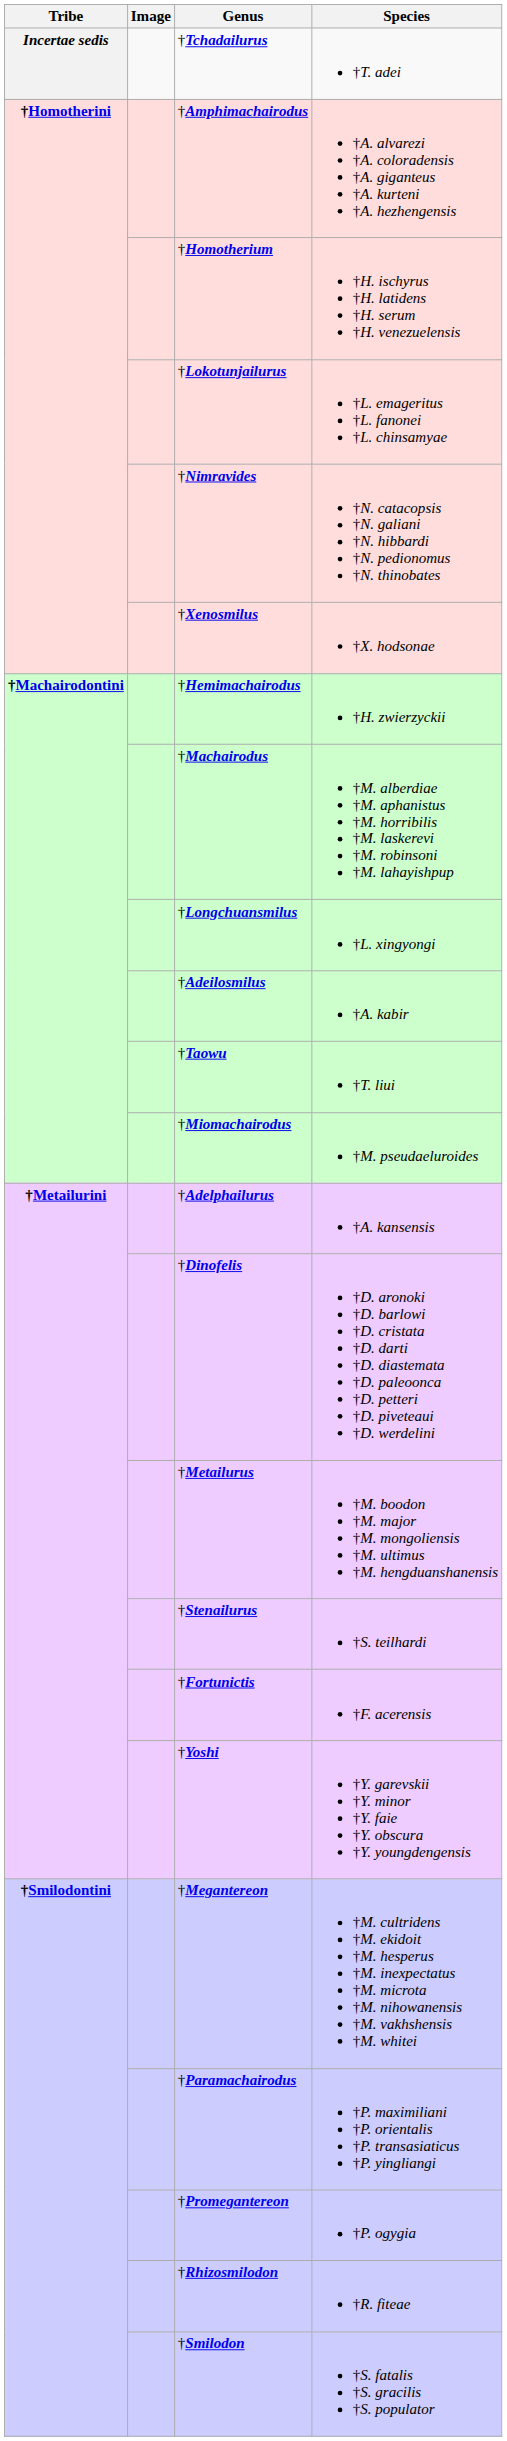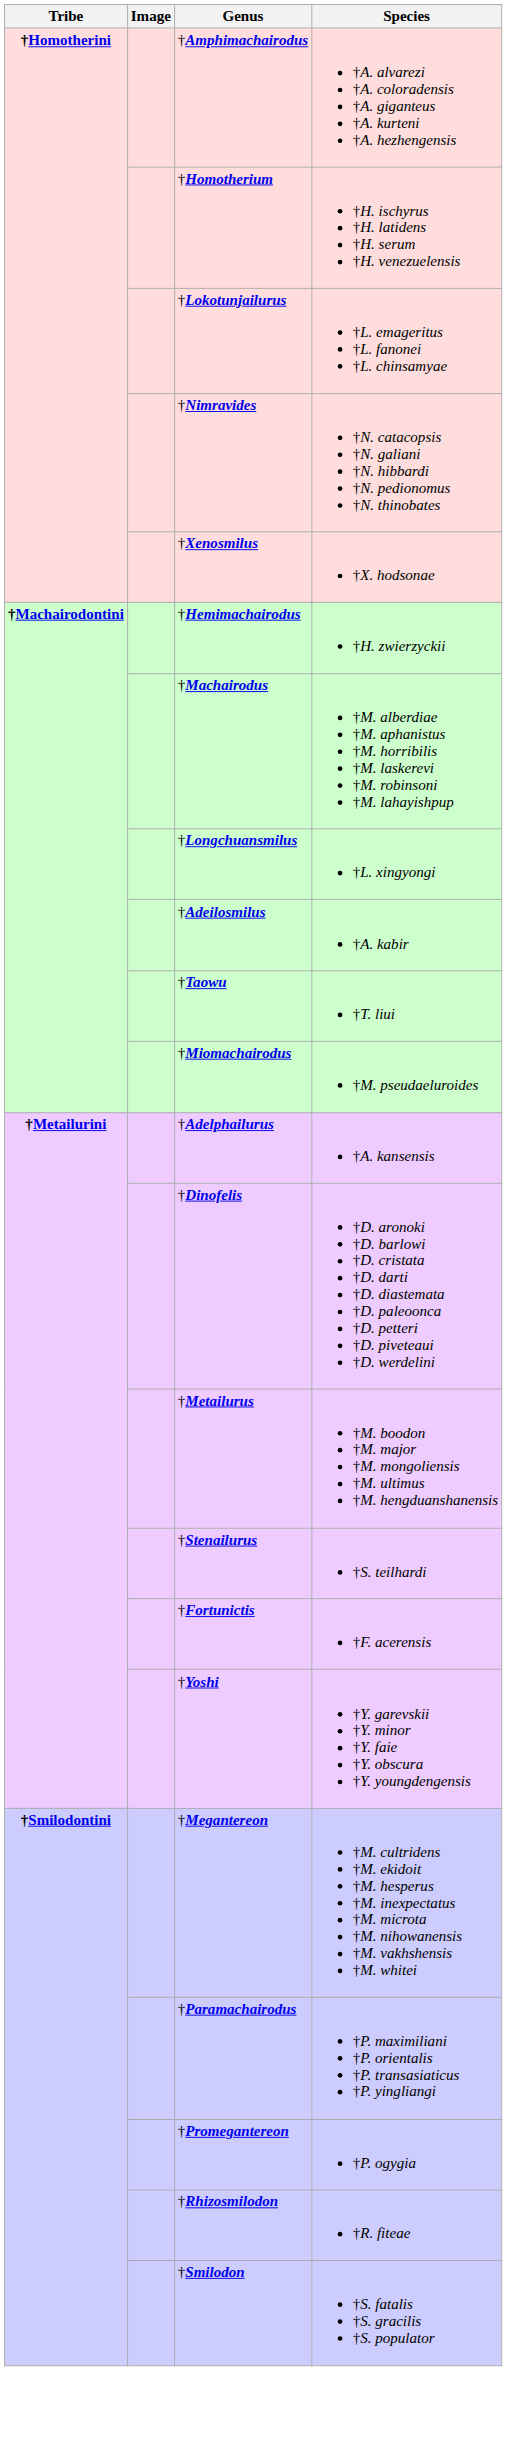 <table class="wikitable">
 <tr>
 <th>Tribe</th>
 <th>Image</th>
 <th>Genus</th>
 <th>Species</th>
-</tr>
-<tr style="vertical-align:top;">
-<th rowspan="1" style="text-align:center;"><em>Incertae sedis</em></th>
-<td></td>
-<td>†<strong><em><a href='#'>Tchadailurus</a></em></strong> </td>
-<td><br><ul><li>†<em>T. adei</em></li></ul></td>
 </tr>
 <tr style="vertical-align:top; background:#FFdddd;">
 <th rowspan="5" style="text-align:center; background:#FFdddd;">†<a href='#'>Homotherini</a></th>
 <td></td>
 <td>†<strong><em><a href='#'>Amphimachairodus</a></em></strong> </td>
 <td><br><ul><li>†<em>A. alvarezi</em></li><li>†<em>A. coloradensis</em></li><li>†<em>A. giganteus</em></li><li>†<em>A. kurteni</em></li><li>†<em>A. hezhengensis</em></li></ul></td>
 </tr>
 <tr style="vertical-align:top; background:#FFdddd;">
 <td></td>
 <td>†<strong><em><a href='#'>Homotherium</a></em></strong> </td>
 <td><br><ul><li>†<em>H. ischyrus</em></li><li>†<em>H. latidens</em></li><li>†<em>H. serum</em></li><li>†<em>H. venezuelensis</em></li></ul></td>
 </tr>
 <tr style="vertical-align:top; background:#FFdddd;">
 <td></td>
 <td>†<strong><em><a href='#'>Lokotunjailurus</a></em></strong> </td>
 <td><br><ul><li>†<em>L. emageritus</em></li><li>†<em>L. fanonei</em></li><li>†<em>L. chinsamyae</em></li></ul></td>
 </tr>
 <tr style="vertical-align:top; background:#FFdddd;">
 <td></td>
 <td>†<strong><em><a href='#'>Nimravides</a></em></strong>  </td>
 <td><br><ul><li>†<em>N. catacopsis</em></li><li>†<em>N. galiani</em></li><li>†<em>N. hibbardi</em></li><li>†<em>N. pedionomus</em></li><li>†<em>N. thinobates</em></li></ul></td>
 </tr>
 <tr style="vertical-align:top; background:#FFdddd;">
 <td></td>
 <td>†<strong><em><a href='#'>Xenosmilus</a></em></strong> </td>
 <td><br><ul><li>†<em>X. hodsonae</em></li></ul></td>
 </tr>
 <tr style="vertical-align:top; background:#ccFFcc;">
 <th rowspan="6" style="text-align:center; background:#ccFFcc;">†<a href='#'>Machairodontini</a></th>
 <td></td>
 <td>†<strong><em><a href='#'>Hemimachairodus</a></em></strong> </td>
 <td><br><ul><li>†<em>H. zwierzyckii</em></li></ul></td>
 </tr>
 <tr style="vertical-align:top; background:#ccFFcc;">
 <td></td>
 <td>†<strong><em><a href='#'>Machairodus</a></em></strong> </td>
 <td><br><ul><li>†<em>M. alberdiae</em></li><li>†<em>M. aphanistus</em></li><li>†<em>M. horribilis</em></li><li>†<em>M. laskerevi</em></li><li>†<em>M. robinsoni</em></li><li>†<em>M. lahayishpup</em></li></ul></td>
 </tr>
 <tr style="vertical-align:top; background:#ccFFcc;">
 <td></td>
 <td>†<strong><em><a href='#'>Longchuansmilus</a></em></strong> </td>
 <td><br><ul><li>†<em>L. xingyongi</em></li></ul></td>
 </tr>
 <tr style="vertical-align:top; background:#ccFFcc;">
 <td></td>
 <td>†<strong><em><a href='#'>Adeilosmilus</a></em></strong> </td>
 <td><br><ul><li>†<em>A. kabir</em></li></ul></td>
 </tr>
 <tr style="vertical-align:top; background:#ccFFcc;">
 <td></td>
 <td>†<strong><em><a href='#'>Taowu</a></em></strong> </td>
 <td><br><ul><li>†<em>T. liui</em></li></ul></td>
 </tr>
 <tr style="vertical-align:top; background:#ccFFcc;">
 <td></td>
 <td>†<strong><em><a href='#'>Miomachairodus</a></em></strong> </td>
 <td><br><ul><li>†<em>M. pseudaeluroides</em></li></ul></td>
 </tr>
 <tr style="vertical-align:top; background:#eeccFF;">
 <th rowspan="6" style="text-align:center; background:#eeccFF;">†<a href='#'>Metailurini</a></th>
 <td></td>
 <td>†<strong><em><a href='#'>Adelphailurus</a></em></strong> </td>
 <td><br><ul><li>†<em>A. kansensis</em></li></ul></td>
 </tr>
 <tr style="vertical-align:top; background:#eeccFF;">
 <td></td>
 <td>†<strong><em><a href='#'>Dinofelis</a></em></strong> </td>
 <td><br><ul><li>†<em>D. aronoki</em></li><li>†<em>D. barlowi</em></li><li>†<em>D. cristata</em></li><li>†<em>D. darti</em></li><li>†<em>D. diastemata</em></li><li>†<em>D. paleoonca</em></li><li>†<em>D. petteri</em></li><li>†<em>D. piveteaui</em></li><li>†<em>D. werdelini</em></li></ul></td>
 </tr>
 <tr style="vertical-align:top; background:#eeccFF;">
 <td></td>
 <td>†<strong><em><a href='#'>Metailurus</a></em></strong> </td>
 <td><br><ul><li>†<em>M. boodon</em></li><li>†<em>M. major</em></li><li>†<em>M. mongoliensis</em></li><li>†<em>M. ultimus</em></li><li>†<em>M. hengduanshanensis</em></li></ul></td>
 </tr>
 <tr style="vertical-align:top; background:#eeccFF;">
 <td></td>
 <td>†<strong><em><a href='#'>Stenailurus</a></em></strong> </td>
 <td><br><ul><li>†<em>S. teilhardi</em></li></ul></td>
 </tr>
 <tr style="vertical-align:top; background:#eeccFF;">
 <td></td>
 <td>†<strong><em><a href='#'>Fortunictis</a></em></strong> </td>
 <td><br><ul><li>†<em>F. acerensis</em></li></ul></td>
 </tr>
 <tr style="vertical-align:top; background:#eeccFF;">
 <td></td>
 <td>†<strong><em><a href='#'>Yoshi</a></em></strong> </td>
 <td><br><ul><li>†<em>Y. garevskii</em></li><li>†<em>Y. minor</em></li><li>†<em>Y. faie</em></li><li>†<em>Y. obscura</em></li><li>†<em>Y. youngdengensis</em></li></ul></td>
 </tr>
 <tr style="vertical-align:top; background:#ccccFF;">
 <th rowspan="5" style="text-align:center; background:#ccccFF;">†<a href='#'>Smilodontini</a></th>
 <td></td>
 <td>†<strong><em><a href='#'>Megantereon</a></em></strong> </td>
 <td><br><ul><li>†<em>M. cultridens</em></li><li>†<em>M. ekidoit</em></li><li>†<em>M. hesperus</em></li><li>†<em>M. inexpectatus</em></li><li>†<em>M. microta</em></li><li>†<em>M. nihowanensis</em></li><li>†<em>M. vakhshensis</em></li><li>†<em>M. whitei</em></li></ul></td>
 </tr>
 <tr style="vertical-align:top; background:#ccccFF;">
 <td></td>
 <td>†<strong><em><a href='#'>Paramachairodus</a></em></strong> </td>
 <td><br><ul><li>†<em>P. maximiliani</em></li><li>†<em>P. orientalis</em></li><li>†<em>P. transasiaticus</em></li><li>†<em>P. yingliangi</em></li></ul></td>
 </tr>
 <tr style="vertical-align:top; background:#ccccFF;">
 <td></td>
 <td>†<strong><em><a href='#'>Promegantereon</a></em></strong> </td>
 <td><br><ul><li>†<em>P. ogygia</em></li></ul></td>
 </tr>
 <tr style="vertical-align:top; background:#ccccFF;">
 <td></td>
 <td>†<strong><em><a href='#'>Rhizosmilodon</a></em></strong> </td>
 <td><br><ul><li>†<em>R. fiteae </em></li></ul></td>
 </tr>
 <tr style="vertical-align:top; background:#ccccFF;">
 <td></td>
 <td>†<strong><em><a href='#'>Smilodon</a></em></strong> </td>
 <td><br><ul><li>†<em>S. fatalis</em></li><li>†<em>S. gracilis</em></li><li>†<em>S. populator</em></li></ul></td>
 </tr>
 </table>
